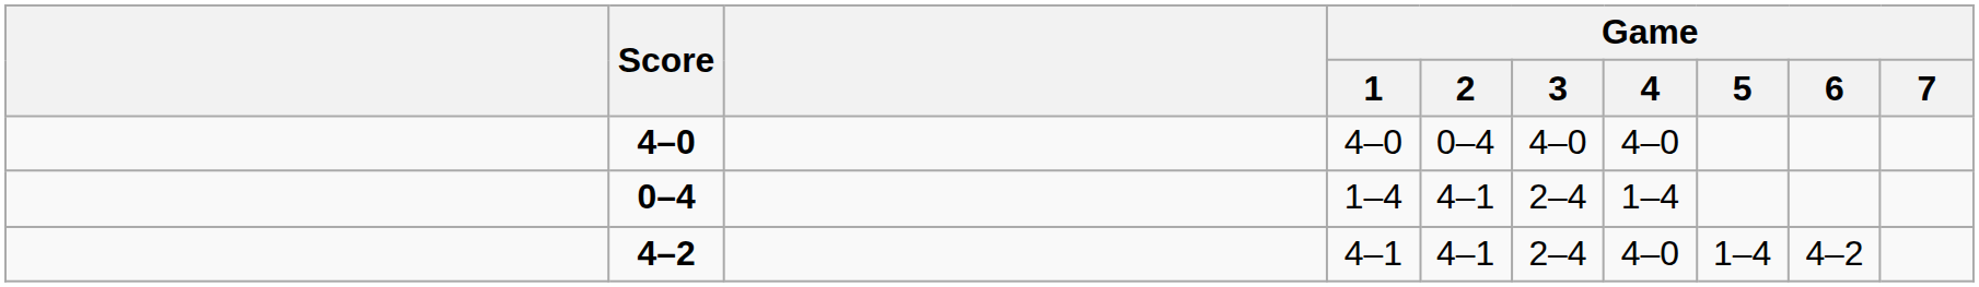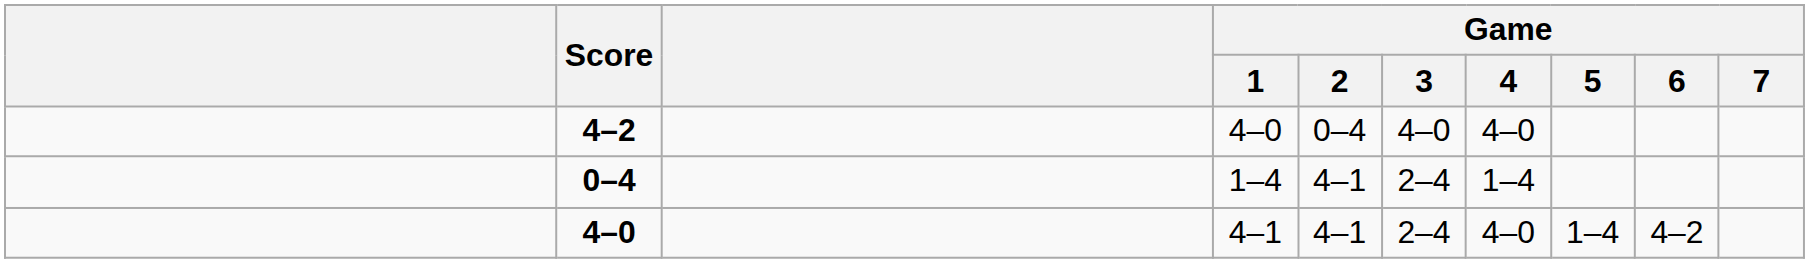 <table class="wikitable" style="text-align: center;">
 <tr>
 <th rowspan=2 align="right" width="270"></th>
 <th rowspan=2 width="45">Score</th>
 <th rowspan=2 align="left" width="270"></th>
 <th colspan=7>Game</th>
 </tr>
 <tr>
 <th width="35">1</th>
 <th width="35">2</th>
 <th width="35">3</th>
 <th width="35">4</th>
 <th width="35">5</th>
 <th width="35">6</th>
 <th width="35">7</th>
 </tr>
 <tr>
 <td align=left><strong></strong></td>
-<td align=center><strong>4–0</strong></td>
+<td align=center><strong>4–2</strong></td>
 <td align=left></td>
 <td>4–0</td>
 <td>0–4</td>
 <td>4–0</td>
 <td>4–0</td>
 <td></td>
 <td></td>
 <td></td>
 </tr>
 <tr>
 <td align=left></td>
 <td align=center><strong>0–4</strong></td>
 <td align=left><strong></strong></td>
 <td>1–4</td>
 <td>4–1</td>
 <td>2–4</td>
 <td>1–4</td>
 <td></td>
 <td></td>
 <td></td>
 </tr>
 <tr>
 <td align=left><strong></strong></td>
-<td align=center><strong>4–2</strong></td>
+<td align=center><strong>4–0</strong></td>
 <td align=left></td>
 <td>4–1</td>
 <td>4–1</td>
 <td>2–4</td>
 <td>4–0</td>
 <td>1–4</td>
 <td>4–2</td>
 <td></td>
 </tr>
 </table>
